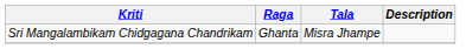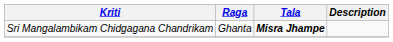 <table class="wikitable">
 <tr>
 <th><em><a href='#'>Kriti</a></em></th>
 <th><em><a href='#'>Raga</a></em></th>
 <th><em><a href='#'>Tala</a></em></th>
 <th><em>Description</em></th>
 </tr>
 <tr>
 <td><em>Sri Mangalambikam Chidgagana Chandrikam</em></td>
 <td><em>Ghanta</em></td>
-<td><em>Misra Jhampe</em></td>
+<td><strong><em>Misra Jhampe</em></strong></td>
 <td></td>
 </tr>
 <tr>
 </tr>
 </table>
